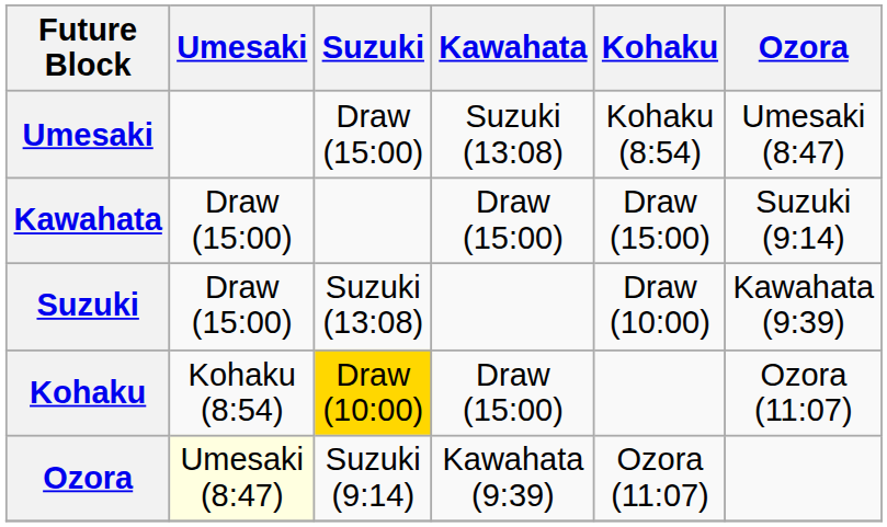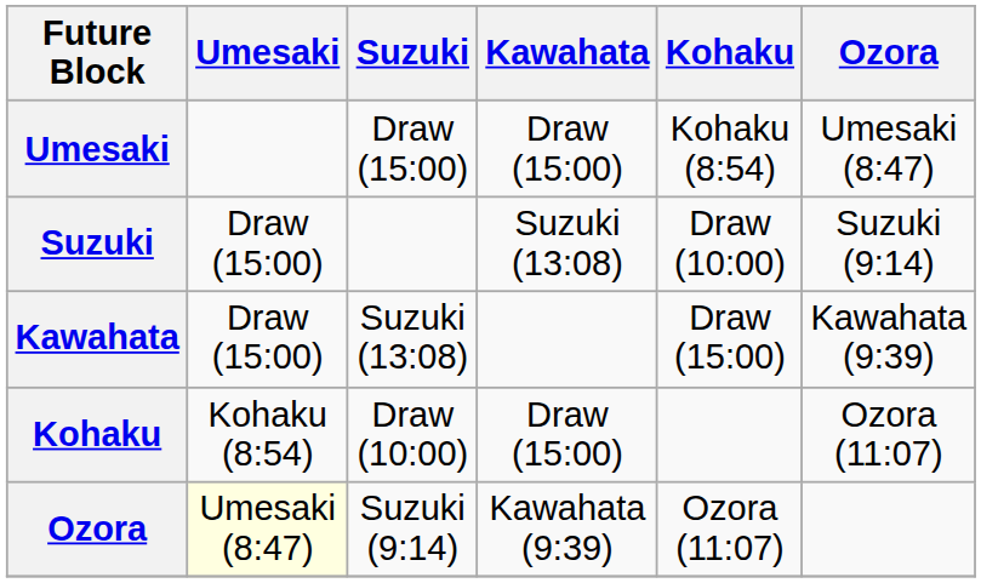 <table class="wikitable" style="text-align:center; margin: 1em auto 1em auto;" width="25%">
 <tr>
 <th>Future Block</th>
 <th><a href='#'>Umesaki</a></th>
 <th><a href='#'>Suzuki</a></th>
 <th><a href='#'>Kawahata</a></th>
 <th><a href='#'>Kohaku</a></th>
 <th><a href='#'>Ozora</a></th>
 </tr>
 <tr>
 <th><a href='#'>Umesaki</a></th>
 <td></td>
 <td>Draw<br>(15:00)</td>
-<td>Suzuki<br>(13:08)</td>
+<td>Draw<br>(15:00)</td>
 <td>Kohaku<br>(8:54)</td>
 <td>Umesaki<br>(8:47)</td>
 </tr>
 <tr>
-<th><a href='#'>Kawahata</a></th>
+<th><a href='#'>Suzuki</a></th>
 <td>Draw<br>(15:00)</td>
 <td></td>
-<td>Draw<br>(15:00)</td>
-<td>Draw<br>(15:00)</td>
+<td>Suzuki<br>(13:08)</td>
+<td>Draw<br>(10:00)</td>
 <td>Suzuki<br>(9:14)</td>
 </tr>
 <tr>
-<th><a href='#'>Suzuki</a></th>
+<th><a href='#'>Kawahata</a></th>
 <td>Draw<br>(15:00)</td>
 <td>Suzuki<br>(13:08)</td>
 <td></td>
-<td>Draw<br>(10:00)</td>
+<td>Draw<br>(15:00)</td>
 <td>Kawahata<br>(9:39)</td>
 </tr>
 <tr>
 <th><a href='#'>Kohaku</a></th>
 <td>Kohaku<br>(8:54)</td>
-<td style="background: gold;">Draw<br>(10:00)</td>
+<td>Draw<br>(10:00)</td>
 <td>Draw<br>(15:00)</td>
 <td></td>
 <td>Ozora<br>(11:07)</td>
 </tr>
 <tr>
 <th><a href='#'>Ozora</a></th>
 <td style="background: lightyellow;">Umesaki<br>(8:47)</td>
 <td>Suzuki<br>(9:14)</td>
 <td>Kawahata<br>(9:39)</td>
 <td>Ozora<br>(11:07)</td>
 <td></td>
 </tr>
 <tr>
 </tr>
 </table>
